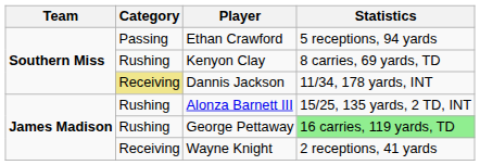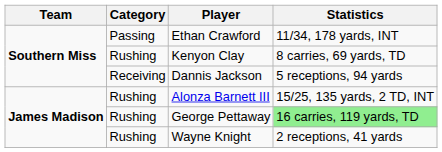 <table class="wikitable" style="float: right;">
 <tr>
 <th>Team</th>
 <th>Category</th>
 <th>Player</th>
 <th>Statistics</th>
 </tr>
 <tr>
 <td rowspan=3><strong>Southern Miss</strong></td>
 <td>Passing</td>
 <td>Ethan Crawford</td>
-<td>5 receptions, 94 yards</td>
+<td>11/34, 178 yards, INT</td>
 </tr>
 <tr>
 <td>Rushing</td>
 <td>Kenyon Clay</td>
 <td>8 carries, 69 yards, TD</td>
 </tr>
 <tr>
-<td style="background: khaki;">Receiving</td>
+<td>Receiving</td>
 <td>Dannis Jackson</td>
-<td>11/34, 178 yards, INT</td>
+<td>5 receptions, 94 yards</td>
 </tr>
 <tr>
 <td rowspan=3><strong>James Madison</strong></td>
 <td>Rushing</td>
 <td><a href='#'>Alonza Barnett III</a></td>
 <td>15/25, 135 yards, 2 TD, INT</td>
 </tr>
 <tr>
 <td>Rushing</td>
 <td>George Pettaway</td>
 <td style="background: lightgreen;">16 carries, 119 yards, TD</td>
 </tr>
 <tr>
-<td>Receiving</td>
+<td>Rushing</td>
 <td>Wayne Knight</td>
 <td>2 receptions, 41 yards</td>
 </tr>
 </table>
